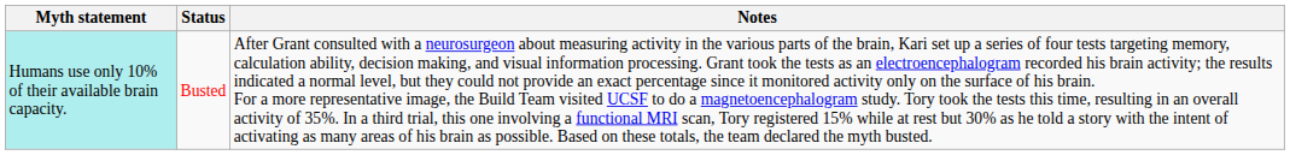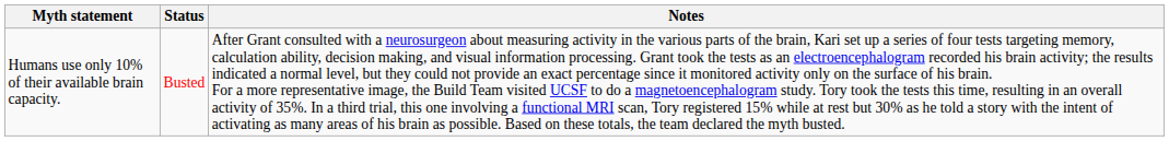 <table class="wikitable plainrowheaders">
 <tr>
 <th>Myth statement</th>
 <th>Status</th>
 <th>Notes</th>
 </tr>
 <tr>
-<td style="background: paleturquoise;">Humans use only 10% of their available brain capacity.</td>
+<td>Humans use only 10% of their available brain capacity.</td>
 <td style="color:red">Busted</td>
 <td>After Grant consulted with a <a href='#'>neurosurgeon</a> about measuring activity in the various parts of the brain, Kari set up a series of four tests targeting memory, calculation ability, decision making, and visual information processing. Grant took the tests as an <a href='#'>electroencephalogram</a> recorded his brain activity; the results indicated a normal level, but they could not provide an exact percentage since it monitored activity only on the surface of his brain.<br>For a more representative image, the Build Team visited <a href='#'>UCSF</a> to do a <a href='#'>magnetoencephalogram</a> study. Tory took the tests this time, resulting in an overall activity of 35%. In a third trial, this one involving a <a href='#'>functional MRI</a> scan, Tory registered 15% while at rest but 30% as he told a story with the intent of activating as many areas of his brain as possible. Based on these totals, the team declared the myth busted.</td>
 </tr>
 </table>
